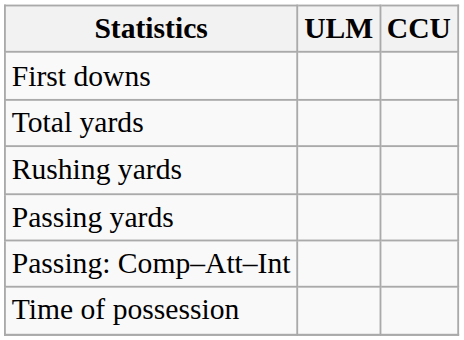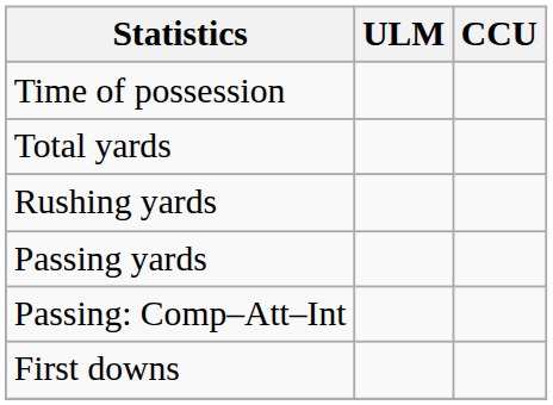 <table class="wikitable" style="float: left;">
 <tr>
 <th>Statistics</th>
 <th>ULM</th>
 <th>CCU</th>
 </tr>
 <tr>
-<td>First downs</td>
+<td>Time of possession</td>
 <td></td>
 <td></td>
 </tr>
 <tr>
 <td>Total yards</td>
 <td></td>
 <td></td>
 </tr>
 <tr>
 <td>Rushing yards</td>
 <td></td>
 <td></td>
 </tr>
 <tr>
 <td>Passing yards</td>
 <td></td>
 <td></td>
 </tr>
 <tr>
 <td>Passing: Comp–Att–Int</td>
 <td></td>
 <td></td>
 </tr>
 <tr>
-<td>Time of possession</td>
+<td>First downs</td>
 <td></td>
 <td></td>
 </tr>
 <tr>
 </tr>
 </table>
